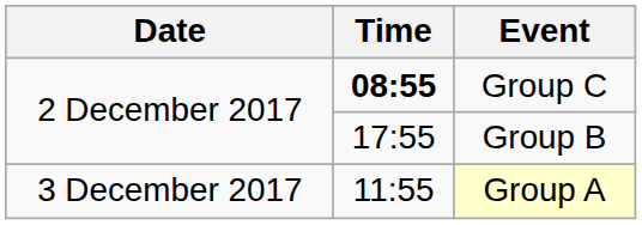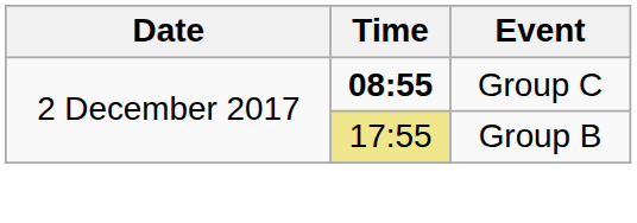 <table class = "wikitable" style="text-align:center;">
 <tr>
 <th width=150>Date</th>
 <th width=50>Time</th>
 <th width=80>Event</th>
 </tr>
 <tr>
 <td rowspan=2>2 December 2017</td>
 <td><strong>08:55</strong></td>
 <td>Group C</td>
 </tr>
 <tr>
-<td>17:55</td>
+<td style="background: khaki;">17:55</td>
 <td>Group B</td>
 </tr>
-<tr>
-<td>3 December 2017</td>
-<td>11:55</td>
-<td bgcolor=ffffcc>Group A</td>
-</tr>
 </table>
